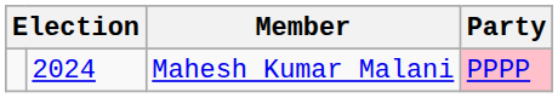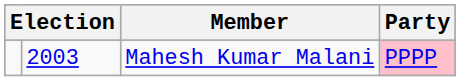 <table class="wikitable">
 <tr>
 <th colspan="2">Election</th>
 <th>Member</th>
 <th>Party</th>
 </tr>
 <tr>
 <td style="background-color: "></td>
-<td><a href='#'>2024</a></td>
+<td><a href='#'>2003</a></td>
 <td><a href='#'>Mahesh Kumar Malani</a></td>
 <td style="background: pink;"><a href='#'>PPPP</a></td>
 </tr>
 </table>
